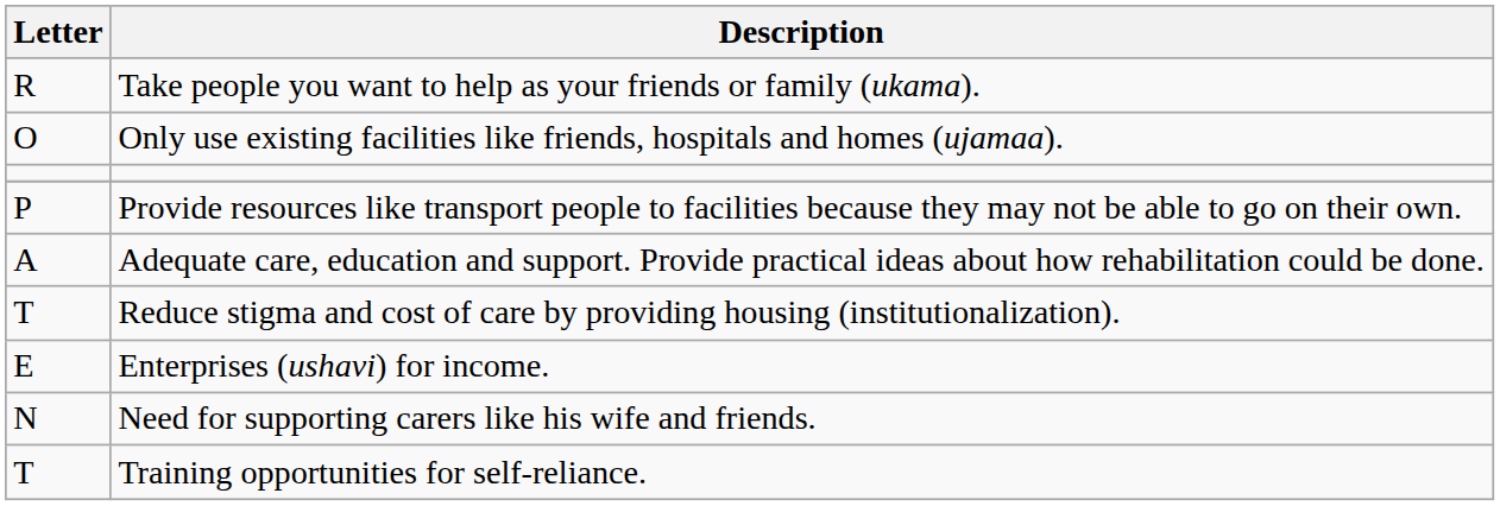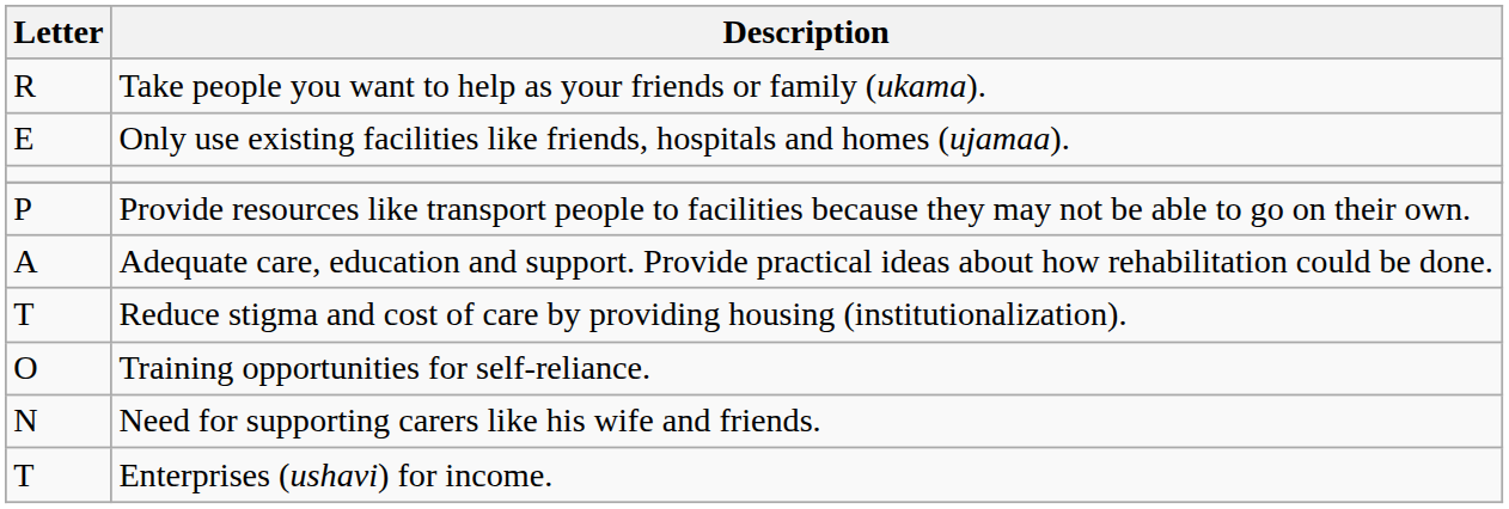 <table class="wikitable">
 <tr>
 <th>Letter</th>
 <th>Description</th>
 </tr>
 <tr>
 <td>R</td>
 <td>Take people you want to help as your friends or family (<em>ukama</em>).</td>
 </tr>
 <tr>
-<td>O</td>
+<td>E</td>
 <td>Only use existing facilities like friends, hospitals and homes (<em>ujamaa</em>).</td>
 </tr>
 <tr>
 <td></td>
 <td></td>
 </tr>
 <tr>
 </tr>
 <tr ||>
 </tr>
 <tr>
 <td>P</td>
 <td>Provide resources like transport people to facilities because they may not be able to go on their own.</td>
 </tr>
 <tr>
 <td>A</td>
 <td>Adequate care, education and support. Provide practical ideas about how rehabilitation could be done.</td>
 </tr>
 <tr>
 <td>T</td>
 <td>Reduce stigma and cost of care by providing housing (institutionalization).</td>
 </tr>
 <tr>
-<td>E</td>
-<td>Enterprises (<em>ushavi</em>) for income.</td>
+<td>O</td>
+<td>Training opportunities for self-reliance.</td>
 </tr>
 <tr>
 <td>N</td>
 <td>Need for supporting carers like his wife and friends.</td>
 </tr>
 <tr>
 <td>T</td>
-<td>Training opportunities for self-reliance.</td>
+<td>Enterprises (<em>ushavi</em>) for income.</td>
 </tr>
 </table>
